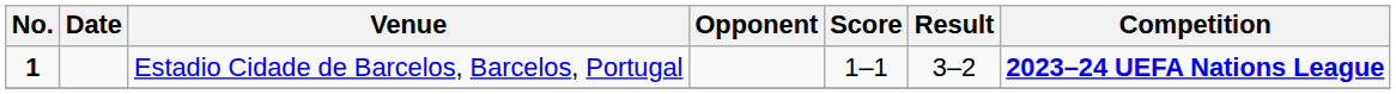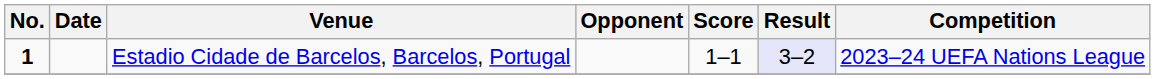 <table class="wikitable sortable">
 <tr>
 <th scope="col">No.</th>
 <th scope="col">Date</th>
 <th scope="col">Venue</th>
 <th scope="col">Opponent</th>
 <th scope="col">Score</th>
 <th scope="col">Result</th>
 <th scope="col">Competition</th>
 </tr>
 <tr>
 <td style="text-align:center"><strong>1</strong></td>
 <td></td>
 <td><a href='#'>Estadio Cidade de Barcelos</a>, <a href='#'>Barcelos</a>, <a href='#'>Portugal</a></td>
 <td></td>
 <td style="text-align:center">1–1</td>
-<td style="text-align:center">3–2</td>
-<td><strong><a href='#'>2023–24 UEFA Nations League</a></strong></td>
+<td style="background: lavender; text-align:center">3–2</td>
+<td><a href='#'>2023–24 UEFA Nations League</a></td>
 </tr>
 <tr>
 </tr>
 </table>
